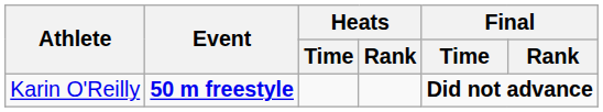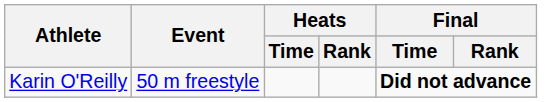 <table class=wikitable style="font-size:90%">
 <tr>
 <th rowspan="2">Athlete</th>
 <th rowspan="2">Event</th>
 <th colspan="2">Heats</th>
 <th colspan="2">Final</th>
 </tr>
 <tr>
 <th>Time</th>
 <th>Rank</th>
 <th>Time</th>
 <th>Rank</th>
 </tr>
 <tr>
 <td><a href='#'>Karin O'Reilly</a></td>
-<td><strong><a href='#'>50 m freestyle</a></strong></td>
+<td><a href='#'>50 m freestyle</a></td>
 <td></td>
 <td></td>
 <td colspan="2"><strong>Did not advance</strong></td>
 </tr>
 </table>
